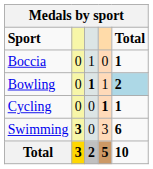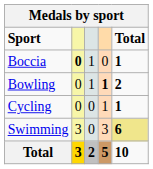 <table class=wikitable style="font-size:95%; ">
 <tr bgcolor=EFEFEF>
 <th colspan=7><strong>Medals by sport</strong></th>
 </tr>
 <tr>
 <td><strong>Sport</strong></td>
 <td bgcolor=F7F6A8></td>
 <td bgcolor=DCE5E5></td>
 <td bgcolor=FFDBA9></td>
 <td><strong>Total</strong></td>
 </tr>
 <tr>
 <td><a href='#'>Boccia</a></td>
-<td bgcolor=F7F6A8>0</td>
+<td bgcolor=F7F6A8><strong>0</strong></td>
 <td bgcolor=DCE5E5>1</td>
 <td bgcolor=FFDAB9>0</td>
 <td><strong>1</strong></td>
 </tr>
 <tr>
 <td><a href='#'>Bowling</a></td>
 <td bgcolor=F7F6A8>0</td>
-<td bgcolor=DCE5E5><strong>1</strong></td>
-<td bgcolor=FFDAB9>1</td>
-<td style="background: lightblue;"><strong>2</strong></td>
+<td bgcolor=DCE5E5>1</td>
+<td bgcolor=FFDAB9><strong>1</strong></td>
+<td><strong>2</strong></td>
 </tr>
 <tr>
 <td><a href='#'>Cycling</a></td>
 <td bgcolor=F7F6A8>0</td>
 <td bgcolor=DCE5E5>0</td>
-<td bgcolor=FFDAB9><strong>1</strong></td>
+<td bgcolor=FFDAB9>1</td>
 <td><strong>1</strong></td>
 </tr>
 <tr>
 <td><a href='#'>Swimming</a></td>
-<td bgcolor=F7F6A8><strong>3</strong></td>
+<td bgcolor=F7F6A8>3</td>
 <td bgcolor=DCE5E5>0</td>
 <td bgcolor=FFDAB9>3</td>
-<td><strong>6</strong></td>
+<td style="background: khaki;"><strong>6</strong></td>
 </tr>
 <tr>
 <th><strong>Total</strong></th>
 <td style="background:gold;"><strong>3</strong></td>
 <td style="background:silver;"><strong>2</strong></td>
 <td style="background:#c96;"><strong>5</strong></td>
 <td><strong>10</strong></td>
 </tr>
 </table>
